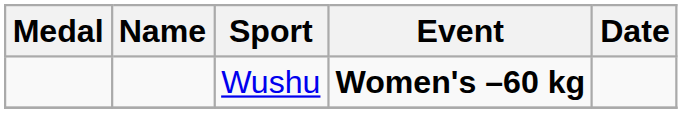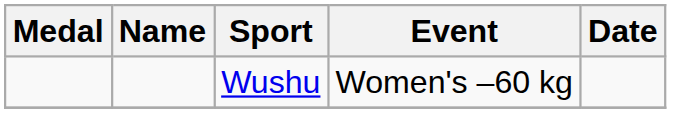 <table class="wikitable" style="font-size:90%">
 <tr>
 <th>Medal</th>
 <th>Name</th>
 <th>Sport</th>
 <th>Event</th>
 <th>Date</th>
 </tr>
 <tr>
 <td></td>
 <td></td>
 <td><a href='#'>Wushu</a></td>
-<td><strong>Women's –60 kg</strong></td>
+<td>Women's –60 kg</td>
 <td></td>
 </tr>
 <tr>
 </tr>
 </table>
